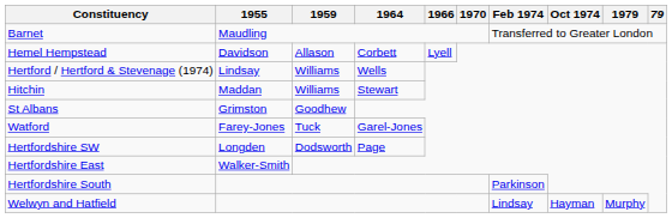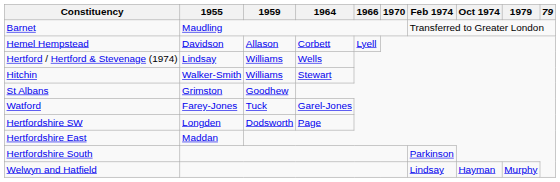 <table class="wikitable">
 <tr>
 <th>Constituency</th>
 <th>1955</th>
 <th>1959</th>
 <th>1964</th>
 <th>1966</th>
 <th>1970</th>
 <th>Feb 1974</th>
 <th>Oct 1974</th>
 <th>1979</th>
 <th><em>79</em></th>
 </tr>
 <tr>
 <td><a href='#'>Barnet</a></td>
 <td colspan="5"><a href='#'>Maudling</a></td>
 <td colspan="4">Transferred to Greater London</td>
 </tr>
 <tr>
 <td><a href='#'>Hemel Hempstead</a></td>
 <td><a href='#'>Davidson</a></td>
 <td><a href='#'>Allason</a></td>
 <td><a href='#'>Corbett</a></td>
 <td><a href='#'>Lyell</a></td>
 </tr>
 <tr>
 <td><a href='#'>Hertford</a> / <a href='#'>Hertford & Stevenage</a> (1974)</td>
 <td><a href='#'>Lindsay</a></td>
 <td><a href='#'>Williams</a></td>
 <td><a href='#'>Wells</a></td>
 </tr>
 <tr>
 <td><a href='#'>Hitchin</a></td>
-<td><a href='#'>Maddan</a></td>
+<td><a href='#'>Walker-Smith</a></td>
 <td><a href='#'>Williams</a></td>
 <td><a href='#'>Stewart</a></td>
 </tr>
 <tr>
 <td><a href='#'>St Albans</a></td>
 <td><a href='#'>Grimston</a></td>
 <td><a href='#'>Goodhew</a></td>
 </tr>
 <tr>
 <td><a href='#'>Watford</a></td>
 <td><a href='#'>Farey-Jones</a></td>
 <td><a href='#'>Tuck</a></td>
 <td><a href='#'>Garel-Jones</a></td>
 </tr>
 <tr>
 <td><a href='#'>Hertfordshire SW</a></td>
 <td><a href='#'>Longden</a></td>
 <td><a href='#'>Dodsworth</a></td>
 <td><a href='#'>Page</a></td>
 </tr>
 <tr>
 <td><a href='#'>Hertfordshire East</a></td>
-<td><a href='#'>Walker-Smith</a></td>
+<td><a href='#'>Maddan</a></td>
 </tr>
 <tr>
 <td><a href='#'>Hertfordshire South</a></td>
 <td colspan="5"></td>
 <td><a href='#'>Parkinson</a></td>
 </tr>
 <tr>
 <td><a href='#'>Welwyn and Hatfield</a></td>
 <td colspan="5"></td>
 <td><a href='#'>Lindsay</a></td>
 <td><a href='#'>Hayman</a></td>
 <td><a href='#'>Murphy</a></td>
 </tr>
 </table>
